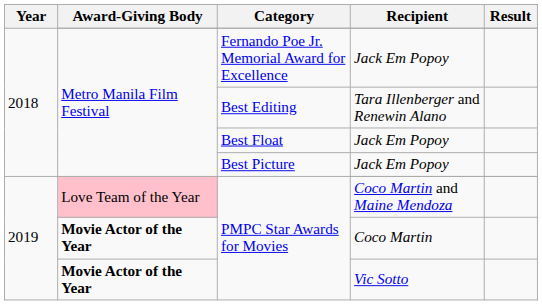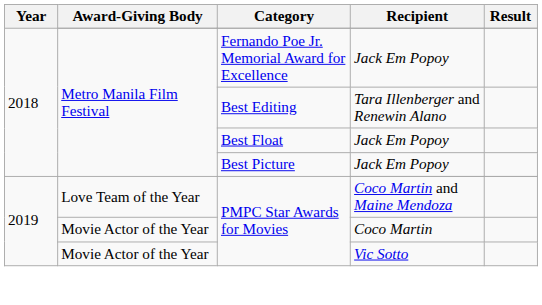 <table | width="90%" class="wikitable sortable">
 <tr>
 <th width="10%">Year</th>
 <th width="30%">Award-Giving Body</th>
 <th width="25%">Category</th>
 <th width="25%">Recipient</th>
 <th width="10%">Result</th>
 </tr>
 <tr>
 <td rowspan=6>2018</td>
 </tr>
 <tr>
 <td rowspan=6><a href='#'>Metro Manila Film Festival</a></td>
 </tr>
 <tr>
 <td><a href='#'>Fernando Poe Jr. Memorial Award for Excellence</a></td>
 <td><em>Jack Em Popoy</em></td>
 <td></td>
 </tr>
 <tr>
 <td><a href='#'>Best Editing</a></td>
 <td><em>Tara Illenberger</em> and <em>Renewin Alano</em></td>
 <td></td>
 </tr>
 <tr>
 <td><a href='#'>Best Float</a></td>
 <td><em>Jack Em Popoy</em></td>
 <td></td>
 </tr>
 <tr>
 <td><a href='#'>Best Picture</a></td>
 <td><em>Jack Em Popoy</em></td>
 <td></td>
 </tr>
 <tr>
 <td rowspan=4>2019</td>
 <td rowspan=4><a href='#'>PMPC Star Awards for Movies</a></td>
 </tr>
 <tr>
-<td style="background: pink;">Love Team of the Year</td>
+<td>Love Team of the Year</td>
 <td><em><a href='#'>Coco Martin</a></em> and <em><a href='#'>Maine Mendoza</a></em></td>
 <td></td>
 </tr>
 <tr>
-<td><strong>Movie Actor of the Year</strong></td>
+<td>Movie Actor of the Year</td>
 <td><em>Coco Martin</em></td>
 <td></td>
 </tr>
 <tr>
-<td><strong>Movie Actor of the Year</strong></td>
+<td>Movie Actor of the Year</td>
 <td><em><a href='#'>Vic Sotto</a></em></td>
 <td></td>
 </tr>
 </table>
